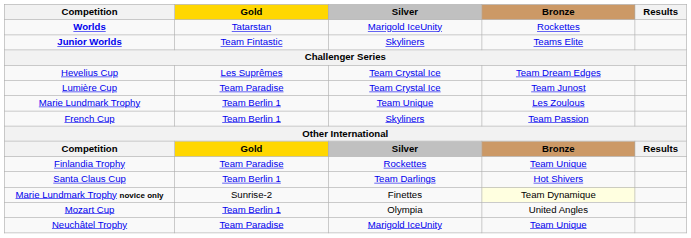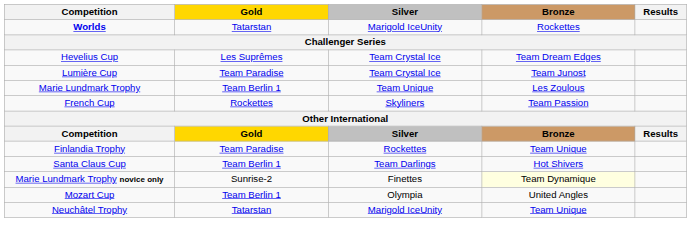 <table class="wikitable" style="text-align:center; width:90%;">
 <tr>
 <th scope="col" style="text-align:center; width:25%;">Competition</th>
 <td scope="col" style="text-align:center; width:22.5%; background:gold"><strong>Gold</strong></td>
 <td scope="col" style="text-align:center; width:22.5%; background:silver"><strong>Silver</strong></td>
 <td scope="col" style="text-align:center; width:22.5%; background:#c96"><strong>Bronze</strong></td>
 <th scope="col" style="text-align:center; width:7.5%;">Results</th>
 </tr>
 <tr>
 <td align="center"><strong><a href='#'>Worlds</a></strong></td>
 <td><a href='#'>Tatarstan</a></td>
 <td><a href='#'>Marigold IceUnity</a></td>
 <td><a href='#'>Rockettes</a></td>
-<td align="center"></td>
-</tr>
-<tr>
-<td align="center"><a href='#'><strong>Junior Worlds</strong></a></td>
-<td><a href='#'>Team Fintastic</a></td>
-<td><a href='#'>Skyliners</a></td>
-<td><a href='#'>Teams Elite</a></td>
 <td align="center"></td>
 </tr>
 <tr>
 <th colspan="5">Challenger Series</th>
 </tr>
 <tr>
 <td><a href='#'>Hevelius Cup</a></td>
 <td><a href='#'>Les Suprêmes</a></td>
 <td><a href='#'>Team Crystal Ice</a></td>
 <td><a href='#'>Team Dream Edges</a></td>
 <td></td>
 </tr>
 <tr>
 <td><a href='#'>Lumière Cup</a></td>
 <td><a href='#'>Team Paradise</a></td>
 <td><a href='#'>Team Crystal Ice</a></td>
 <td><a href='#'>Team Junost</a></td>
 <td></td>
 </tr>
 <tr>
 <td><a href='#'>Marie Lundmark Trophy</a></td>
 <td><a href='#'>Team Berlin 1</a></td>
 <td><a href='#'>Team Unique</a></td>
 <td><a href='#'>Les Zoulous</a></td>
 <td></td>
 </tr>
 <tr>
 <td><a href='#'>French Cup</a></td>
-<td><a href='#'>Team Berlin 1</a></td>
+<td><a href='#'>Rockettes</a></td>
 <td><a href='#'>Skyliners</a></td>
 <td><a href='#'>Team Passion</a></td>
 <td></td>
 </tr>
 <tr>
 <th colspan="5">Other International</th>
 </tr>
 <tr>
 <th scope="col" style="text-align:center; width:25%;">Competition</th>
 <td scope="col" style="text-align:center; width:22.5%; background:gold"><strong>Gold</strong></td>
 <td scope="col" style="text-align:center; width:22.5%; background:silver"><strong>Silver</strong></td>
 <td scope="col" style="text-align:center; width:22.5%; background:#c96"><strong>Bronze</strong></td>
 <th scope="col" style="text-align:center; width:7.5%;">Results</th>
 </tr>
 <tr>
 <td><a href='#'>Finlandia Trophy</a></td>
 <td><a href='#'>Team Paradise</a></td>
 <td><a href='#'>Rockettes</a></td>
 <td><a href='#'>Team Unique</a></td>
 <td></td>
 </tr>
 <tr>
 <td><a href='#'>Santa Claus Cup</a></td>
 <td><a href='#'>Team Berlin 1</a></td>
 <td><a href='#'>Team Darlings</a></td>
 <td><a href='#'>Hot Shivers</a></td>
 <td></td>
 </tr>
 <tr>
 <td><a href='#'>Marie Lundmark Trophy</a> <small><strong>novice only</strong></small></td>
 <td>Sunrise-2</td>
 <td>Finettes</td>
 <td style="background: lightyellow;">Team Dynamique</td>
 <td></td>
 </tr>
 <tr>
 <td><a href='#'>Mozart Cup</a></td>
 <td><a href='#'>Team Berlin 1</a></td>
 <td>Olympia</td>
 <td>United Angles</td>
 <td></td>
 </tr>
 <tr>
 <td><a href='#'>Neuchâtel Trophy</a></td>
-<td><a href='#'>Team Paradise</a></td>
+<td><a href='#'>Tatarstan</a></td>
 <td><a href='#'>Marigold IceUnity</a></td>
 <td><a href='#'>Team Unique</a></td>
 <td></td>
 </tr>
 </table>
